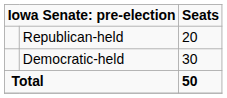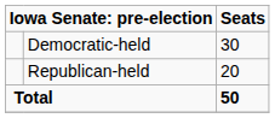 <table class="wikitable">
 <tr>
 <td colspan="2" rowspan="1" align="center" valign="top"><strong>Iowa Senate: pre-election</strong></td>
 <td style="vertical-align:top;"><strong>Seats</strong><br></td>
 </tr>
 <tr>
 <td style="background-color:"> </td>
-<td>Republican-held</td>
-<td>20</td>
+<td>Democratic-held</td>
+<td>30</td>
 </tr>
 <tr>
 <td style="background-color:"> </td>
-<td>Democratic-held</td>
-<td>30</td>
+<td>Republican-held</td>
+<td>20</td>
 </tr>
 <tr>
 <td colspan="2" rowspan="1"> <strong>Total</strong><br></td>
 <td><strong>50</strong></td>
 </tr>
 <tr>
 </tr>
 </table>
